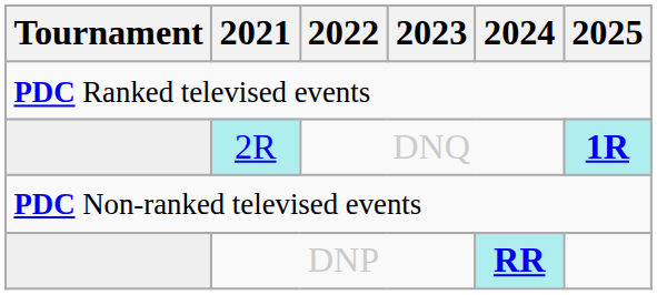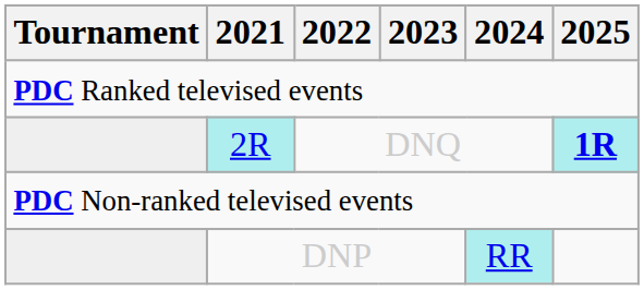 <table class="wikitable" style="width:30%; margin:0">
 <tr>
 <th>Tournament</th>
 <th>2021</th>
 <th>2022</th>
 <th>2023</th>
 <th>2024</th>
 <th>2025</th>
 </tr>
 <tr>
 <td colspan="6" style="text-align:left"><small><strong><a href='#'>PDC</a> </strong>Ranked televised events</small></td>
 </tr>
 <tr>
 <td style="background:#efefef;"></td>
 <td style="text-align:center; background:#afeeee;"><a href='#'>2R</a></td>
 <td colspan="3" style="text-align:center; color:#ccc;">DNQ</td>
 <td style="text-align:center; background:#afeeee;"><strong><a href='#'>1R</a></strong></td>
 </tr>
 <tr>
 <td colspan="6" style="text-align:left"><small><strong><a href='#'>PDC</a> </strong>Non-ranked televised events</small></td>
 </tr>
 <tr>
 <td style="background:#efefef;"></td>
 <td colspan="3" style="text-align:center; color:#ccc;">DNP</td>
-<td style="text-align:center; background:#afeeee;"><strong><a href='#'>RR</a></strong></td>
+<td style="text-align:center; background:#afeeee;"><a href='#'>RR</a></td>
 <td></td>
 </tr>
 </table>
